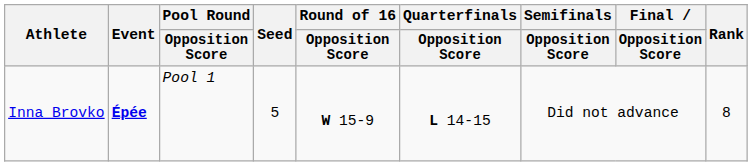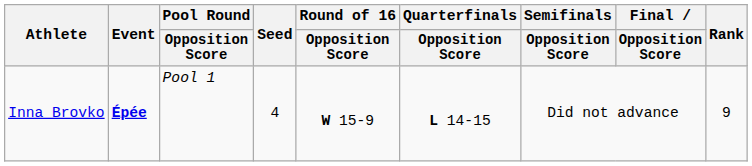 <table class=wikitable style="font-size:90%">
 <tr>
 <th rowspan="2">Athlete</th>
 <th rowspan="2">Event</th>
 <th>Pool Round</th>
 <th rowspan="2">Seed</th>
 <th>Round of 16</th>
 <th>Quarterfinals</th>
 <th>Semifinals</th>
 <th>Final / </th>
 <th rowspan=2>Rank</th>
 </tr>
 <tr style="font-size:95%">
 <th>Opposition<br>Score</th>
 <th>Opposition<br>Score</th>
 <th>Opposition<br>Score</th>
 <th>Opposition<br>Score</th>
 <th>Opposition<br>Score</th>
 </tr>
 <tr align=center>
 <td align=left><a href='#'>Inna Brovko</a></td>
 <td align=left><strong><a href='#'>Épée</a></strong></td>
 <td align=left><em>Pool 1</em><br><br> <br> <br> <br></td>
-<td>5</td>
+<td>4</td>
 <td><br><strong>W</strong> 15-9</td>
 <td><br><strong>L</strong> 14-15</td>
 <td colspan=2>Did not advance</td>
-<td>8</td>
+<td>9</td>
 </tr>
 </table>
